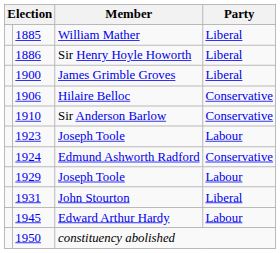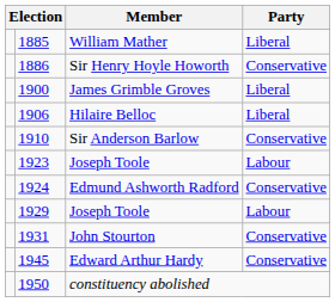 <table class="wikitable">
 <tr>
 <th colspan="2">Election</th>
 <th>Member</th>
 <th>Party</th>
 </tr>
 <tr>
 <td style="color:inherit;background-color: "></td>
 <td><a href='#'>1885</a></td>
 <td><a href='#'>William Mather</a></td>
 <td><a href='#'>Liberal</a></td>
 </tr>
 <tr>
 <td style="color:inherit;background-color: "></td>
 <td><a href='#'>1886</a></td>
 <td>Sir <a href='#'>Henry Hoyle Howorth</a></td>
-<td><a href='#'>Liberal</a></td>
+<td><a href='#'>Conservative</a></td>
 </tr>
 <tr>
 <td style="color:inherit;background-color: "></td>
 <td><a href='#'>1900</a></td>
 <td><a href='#'>James Grimble Groves</a></td>
 <td><a href='#'>Liberal</a></td>
 </tr>
 <tr>
 <td style="color:inherit;background-color: "></td>
 <td><a href='#'>1906</a></td>
 <td><a href='#'>Hilaire Belloc</a></td>
-<td><a href='#'>Conservative</a></td>
+<td><a href='#'>Liberal</a></td>
 </tr>
 <tr>
 <td style="color:inherit;background-color: "></td>
 <td><a href='#'>1910</a></td>
 <td>Sir <a href='#'>Anderson Barlow</a></td>
 <td><a href='#'>Conservative</a></td>
 </tr>
 <tr>
 <td style="color:inherit;background-color: "></td>
 <td><a href='#'>1923</a></td>
 <td><a href='#'>Joseph Toole</a></td>
 <td><a href='#'>Labour</a></td>
 </tr>
 <tr>
 <td style="color:inherit;background-color: "></td>
 <td><a href='#'>1924</a></td>
 <td><a href='#'>Edmund Ashworth Radford</a></td>
 <td><a href='#'>Conservative</a></td>
 </tr>
 <tr>
 <td style="color:inherit;background-color: "></td>
 <td><a href='#'>1929</a></td>
 <td><a href='#'>Joseph Toole</a></td>
 <td><a href='#'>Labour</a></td>
 </tr>
 <tr>
 <td style="color:inherit;background-color: "></td>
 <td><a href='#'>1931</a></td>
 <td><a href='#'>John Stourton</a></td>
-<td><a href='#'>Liberal</a></td>
+<td><a href='#'>Conservative</a></td>
 </tr>
 <tr>
 <td style="color:inherit;background-color: "></td>
 <td><a href='#'>1945</a></td>
 <td><a href='#'>Edward Arthur Hardy</a></td>
-<td><a href='#'>Labour</a></td>
+<td><a href='#'>Conservative</a></td>
 </tr>
 <tr>
 <td></td>
 <td><a href='#'>1950</a></td>
 <td colspan="2"><em>constituency abolished</em></td>
 </tr>
 </table>
